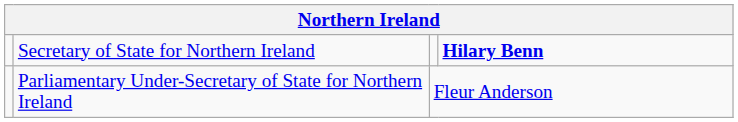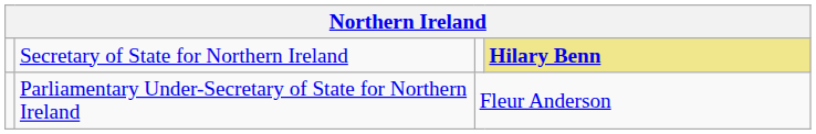 <table class="wikitable">
 <tr>
 <th colspan="4"><a href='#'>Northern Ireland</a></th>
 </tr>
 <tr>
 <td style="background: "></td>
 <td style="width: 450px;"><a href='#'>Secretary of State for Northern Ireland</a></td>
 <td style="background: "></td>
-<td style="width: 320px;"><strong><a href='#'>Hilary Benn</a></strong></td>
+<td style="background: khaki; width: 320px;"><strong><a href='#'>Hilary Benn</a></strong></td>
 </tr>
 <tr>
 <td style="background: "></td>
 <td><a href='#'>Parliamentary Under-Secretary of State for Northern Ireland</a></td>
 <td colspan="2"><a href='#'>Fleur Anderson</a></td>
 </tr>
 </table>
